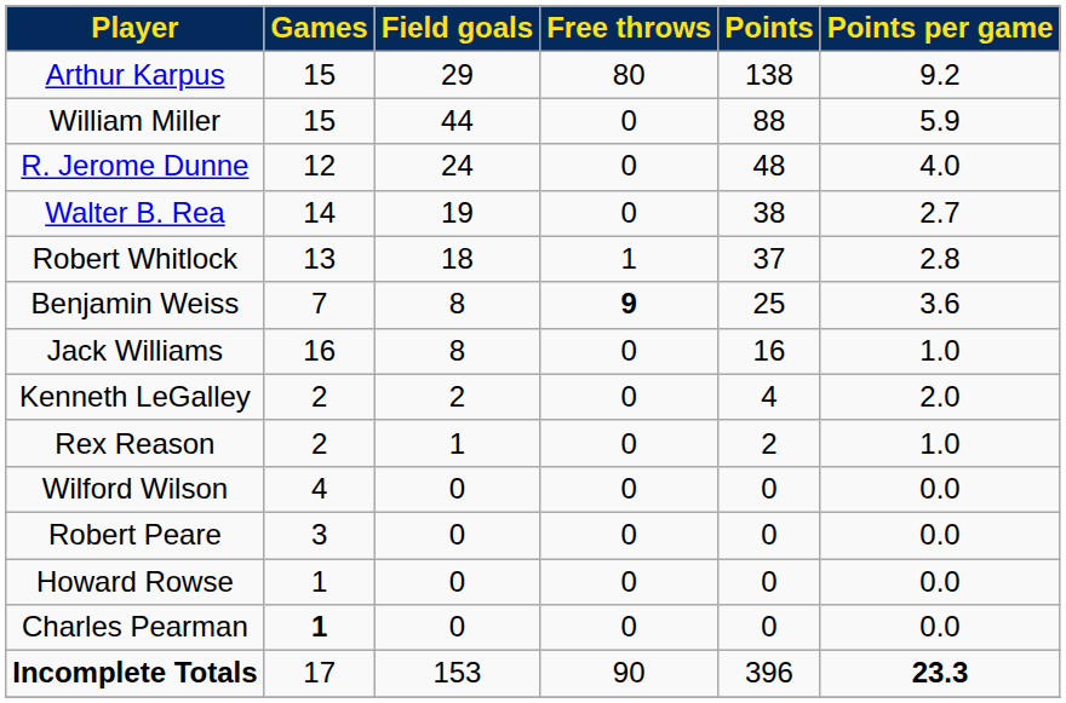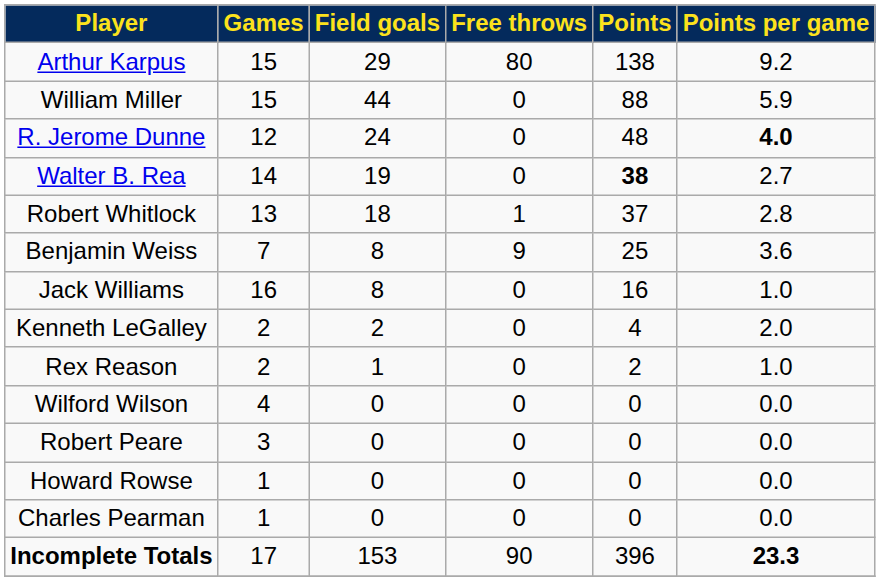 <table class="wikitable" width=" ">
 <tr align="center"  style="background:#042A5C; color:#FCE21C;">
 <td><strong>Player</strong></td>
 <td><strong>Games</strong></td>
 <td><strong>Field goals</strong></td>
 <td><strong>Free throws</strong></td>
 <td><strong>Points</strong></td>
 <td><strong>Points per game</strong></td>
 </tr>
 <tr align="center" bgcolor="">
 <td><a href='#'>Arthur Karpus</a></td>
 <td>15</td>
 <td>29</td>
 <td>80</td>
 <td>138</td>
 <td>9.2</td>
 </tr>
 <tr align="center" bgcolor="">
 <td>William Miller</td>
 <td>15</td>
 <td>44</td>
 <td>0</td>
 <td>88</td>
 <td>5.9</td>
 </tr>
 <tr align="center" bgcolor="">
 <td><a href='#'>R. Jerome Dunne</a></td>
 <td>12</td>
 <td>24</td>
 <td>0</td>
 <td>48</td>
-<td>4.0</td>
+<td><strong>4.0</strong></td>
 </tr>
 <tr align="center" bgcolor="">
 <td><a href='#'>Walter B. Rea</a></td>
 <td>14</td>
 <td>19</td>
 <td>0</td>
-<td>38</td>
+<td><strong>38</strong></td>
 <td>2.7</td>
 </tr>
 <tr align="center" bgcolor="">
 <td>Robert Whitlock</td>
 <td>13</td>
 <td>18</td>
 <td>1</td>
 <td>37</td>
 <td>2.8</td>
 </tr>
 <tr align="center" bgcolor="">
 <td>Benjamin Weiss</td>
 <td>7</td>
 <td>8</td>
-<td><strong>9</strong></td>
+<td>9</td>
 <td>25</td>
 <td>3.6</td>
 </tr>
 <tr align="center" bgcolor="">
 <td>Jack Williams</td>
 <td>16</td>
 <td>8</td>
 <td>0</td>
 <td>16</td>
 <td>1.0</td>
 </tr>
 <tr align="center" bgcolor="">
 <td>Kenneth LeGalley</td>
 <td>2</td>
 <td>2</td>
 <td>0</td>
 <td>4</td>
 <td>2.0</td>
 </tr>
 <tr align="center" bgcolor="">
 <td>Rex Reason</td>
 <td>2</td>
 <td>1</td>
 <td>0</td>
 <td>2</td>
 <td>1.0</td>
 </tr>
 <tr align="center" bgcolor="">
 <td>Wilford Wilson</td>
 <td>4</td>
 <td>0</td>
 <td>0</td>
 <td>0</td>
 <td>0.0</td>
 </tr>
 <tr align="center" bgcolor="">
 <td>Robert Peare</td>
 <td>3</td>
 <td>0</td>
 <td>0</td>
 <td>0</td>
 <td>0.0</td>
 </tr>
 <tr align="center" bgcolor="">
 <td>Howard Rowse</td>
 <td>1</td>
 <td>0</td>
 <td>0</td>
 <td>0</td>
 <td>0.0</td>
 </tr>
 <tr align="center" bgcolor="">
 <td>Charles Pearman</td>
-<td><strong>1</strong></td>
+<td>1</td>
 <td>0</td>
 <td>0</td>
 <td>0</td>
 <td>0.0</td>
 </tr>
 <tr align="center" bgcolor="">
 <td><strong>Incomplete Totals</strong></td>
 <td>17</td>
 <td>153</td>
 <td>90</td>
 <td>396</td>
 <td><strong>23.3</strong></td>
 </tr>
 <tr align="center" bgcolor="">
 </tr>
 </table>
